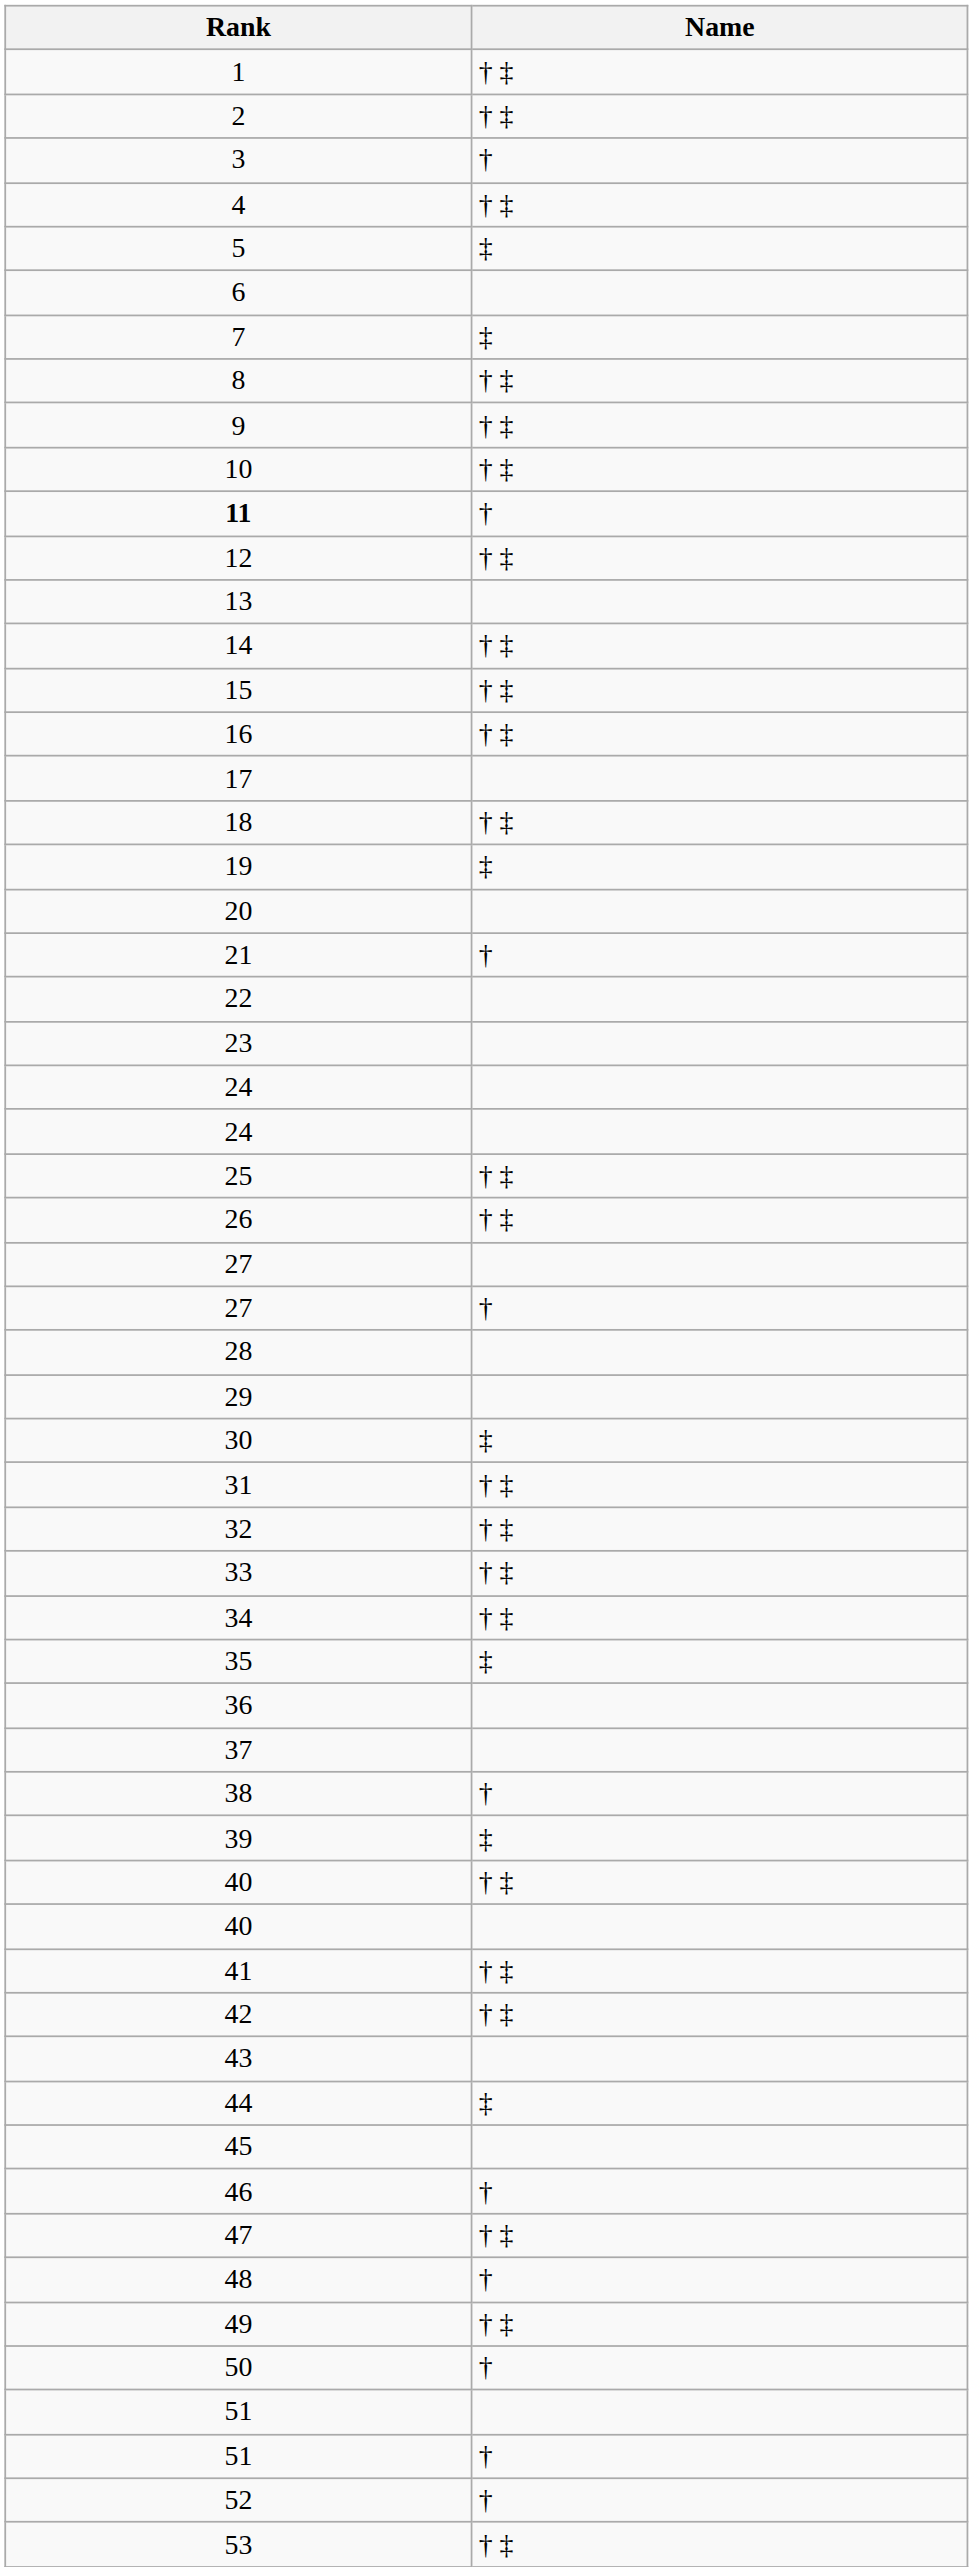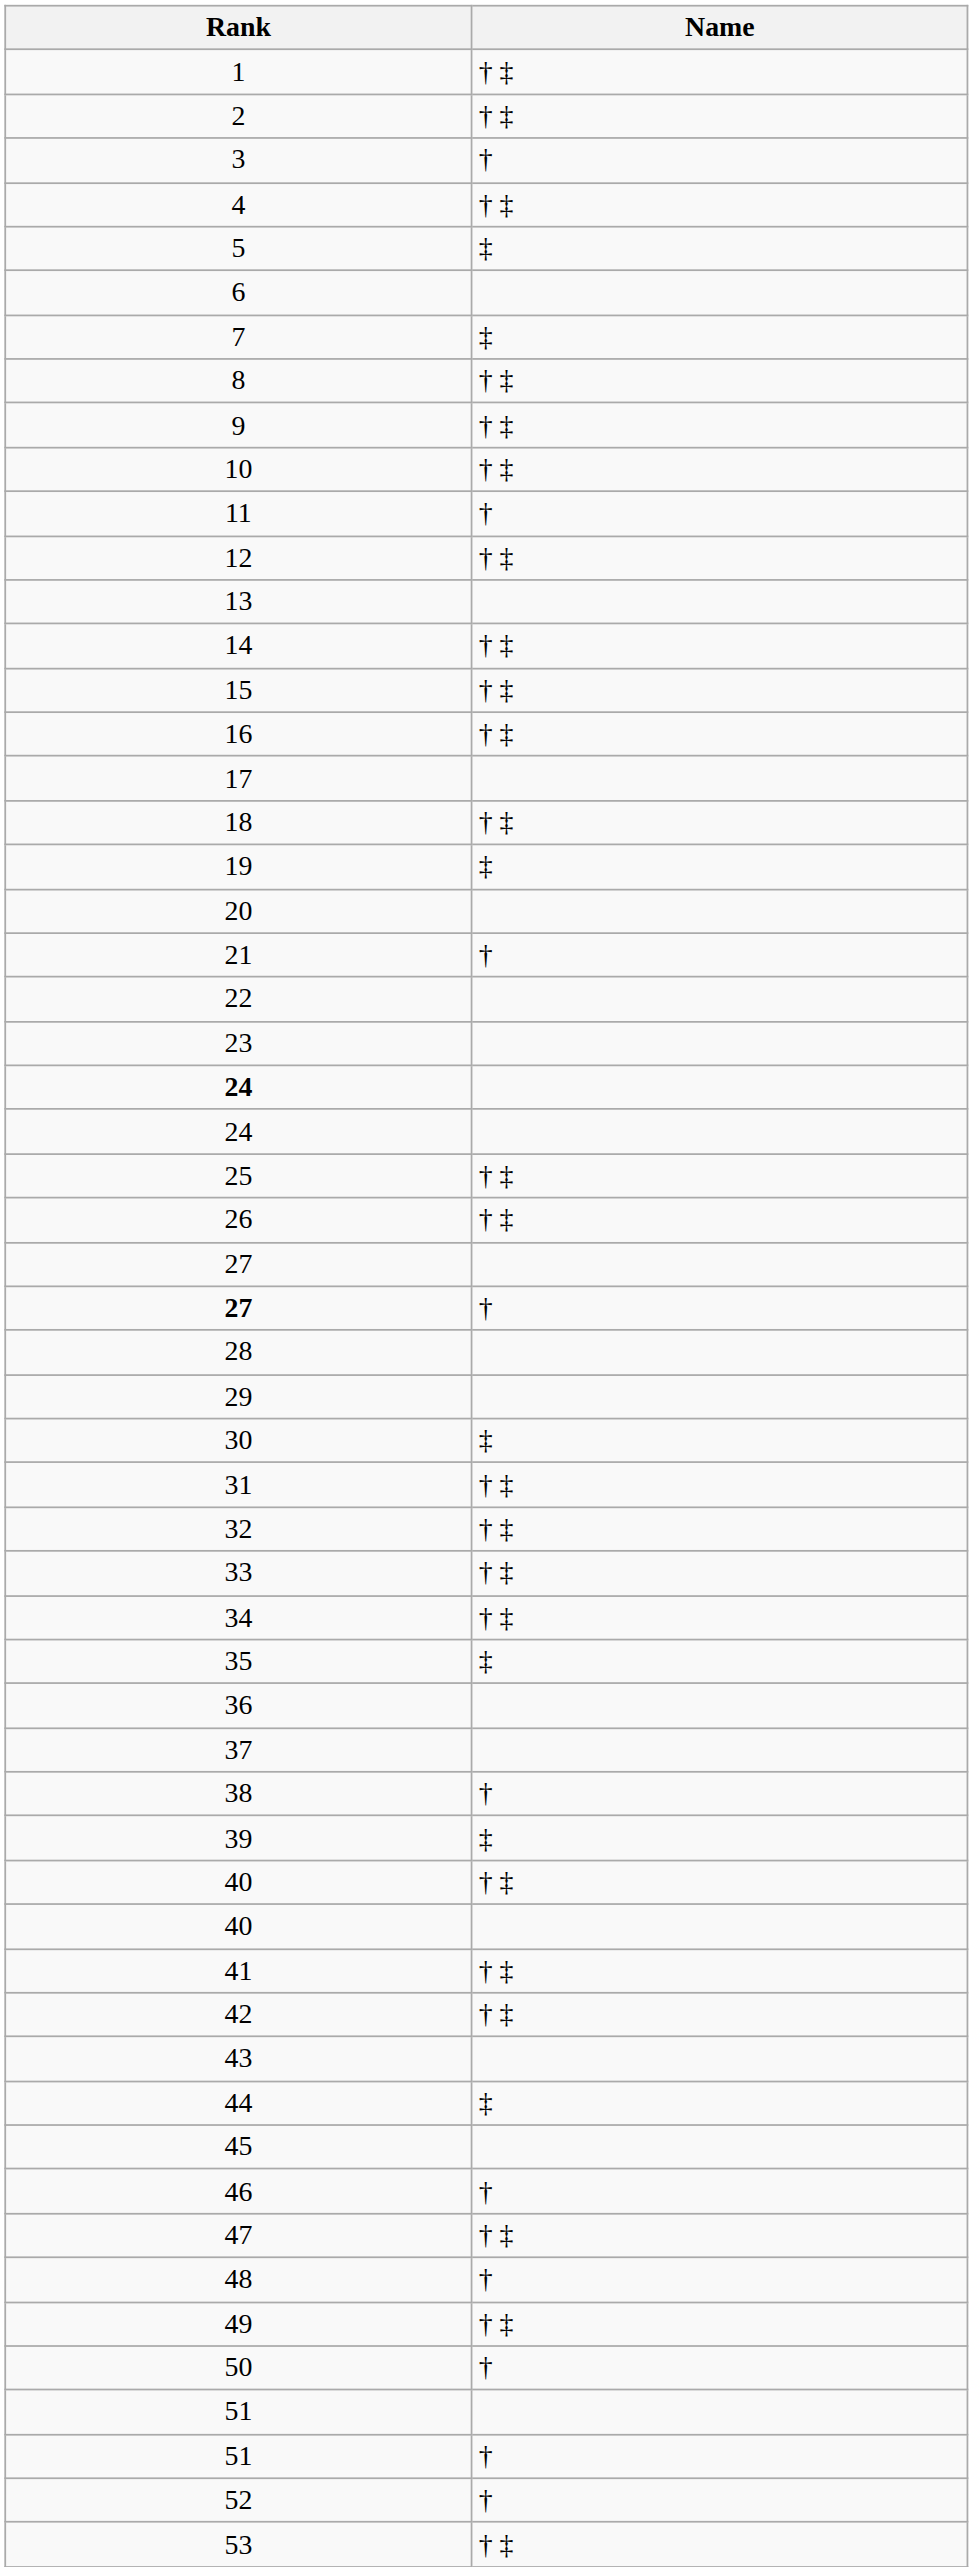 <table class="wikitable collapsible collapsed sortable" style="float:right; width: 35%; margin-left:5px;">
 <tr>
 <th align=center>Rank</th>
 <th>Name</th>
 </tr>
 <tr>
 <td align=center>1</td>
 <td> † ‡</td>
 </tr>
 <tr>
 <td align=center>2</td>
 <td> † ‡</td>
 </tr>
 <tr>
 <td align=center>3</td>
 <td> †</td>
 </tr>
 <tr>
 <td align=center>4</td>
 <td> † ‡</td>
 </tr>
 <tr>
 <td align=center>5</td>
 <td> ‡</td>
 </tr>
 <tr>
 <td align=center>6</td>
 <td></td>
 </tr>
 <tr>
 <td align=center>7</td>
 <td> ‡</td>
 </tr>
 <tr>
 <td align=center>8</td>
 <td> † ‡</td>
 </tr>
 <tr>
 <td align=center>9</td>
 <td> † ‡</td>
 </tr>
 <tr>
 <td align=center>10</td>
 <td> † ‡</td>
 </tr>
 <tr>
-<td align=center><strong>11</strong></td>
+<td align=center>11</td>
 <td> †</td>
 </tr>
 <tr>
 <td align=center>12</td>
 <td> † ‡</td>
 </tr>
 <tr>
 <td align=center>13</td>
 <td>  </td>
 </tr>
 <tr>
 <td align=center>14</td>
 <td> † ‡</td>
 </tr>
 <tr>
 <td align=center>15</td>
 <td> † ‡</td>
 </tr>
 <tr>
 <td align=center>16</td>
 <td> † ‡</td>
 </tr>
 <tr>
 <td align=center>17</td>
 <td></td>
 </tr>
 <tr>
 <td align=center>18</td>
 <td> † ‡</td>
 </tr>
 <tr>
 <td align=center>19</td>
 <td> ‡</td>
 </tr>
 <tr>
 <td align=center>20</td>
 <td></td>
 </tr>
 <tr>
 <td align=center>21</td>
 <td> †</td>
 </tr>
 <tr>
 <td align=center>22</td>
 <td></td>
 </tr>
 <tr>
 <td align=center>23</td>
 <td></td>
 </tr>
 <tr>
-<td align=center>24</td>
+<td align=center><strong>24</strong></td>
 <td></td>
 </tr>
 <tr>
 <td align=center>24</td>
 <td></td>
 </tr>
 <tr>
 <td align=center>25</td>
 <td> † ‡</td>
 </tr>
 <tr>
 <td align=center>26</td>
 <td> † ‡</td>
 </tr>
 <tr>
 <td align=center>27</td>
 <td></td>
 </tr>
 <tr>
-<td align=center>27</td>
+<td align=center><strong>27</strong></td>
 <td> †</td>
 </tr>
 <tr>
 <td align=center>28</td>
 <td></td>
 </tr>
 <tr>
 <td align=center>29</td>
 <td></td>
 </tr>
 <tr>
 <td align=center>30</td>
 <td> ‡</td>
 </tr>
 <tr>
 <td align=center>31</td>
 <td> † ‡</td>
 </tr>
 <tr>
 <td align=center>32</td>
 <td> † ‡</td>
 </tr>
 <tr>
 <td align=center>33</td>
 <td> † ‡</td>
 </tr>
 <tr>
 <td align=center>34</td>
 <td> † ‡</td>
 </tr>
 <tr>
 <td align=center>35</td>
 <td> ‡</td>
 </tr>
 <tr>
 <td align=center>36</td>
 <td></td>
 </tr>
 <tr>
 <td align=center>37</td>
 <td></td>
 </tr>
 <tr>
 <td align=center>38</td>
 <td> †</td>
 </tr>
 <tr>
 <td align=center>39</td>
 <td> ‡</td>
 </tr>
 <tr>
 <td align=center>40</td>
 <td> † ‡</td>
 </tr>
 <tr>
 <td align=center>40</td>
 <td></td>
 </tr>
 <tr>
 <td align=center>41</td>
 <td> † ‡</td>
 </tr>
 <tr>
 <td align=center>42</td>
 <td> † ‡</td>
 </tr>
 <tr>
 <td align=center>43</td>
 <td></td>
 </tr>
 <tr>
 <td align=center>44</td>
 <td> ‡</td>
 </tr>
 <tr>
 <td align=center>45</td>
 <td></td>
 </tr>
 <tr>
 <td align=center>46</td>
 <td> †</td>
 </tr>
 <tr>
 <td align=center>47</td>
 <td> † ‡</td>
 </tr>
 <tr>
 <td align=center>48</td>
 <td> †</td>
 </tr>
 <tr>
 <td align=center>49</td>
 <td> † ‡</td>
 </tr>
 <tr>
 <td align=center>50</td>
 <td> †</td>
 </tr>
 <tr>
 <td align=center>51</td>
 <td></td>
 </tr>
 <tr>
 <td align=center>51</td>
 <td> †</td>
 </tr>
 <tr>
 <td align=center>52</td>
 <td> †</td>
 </tr>
 <tr>
 <td align=center>53</td>
 <td> † ‡</td>
 </tr>
 </table>
